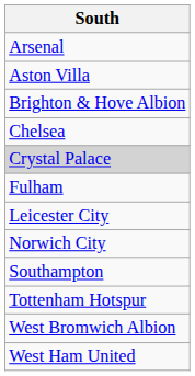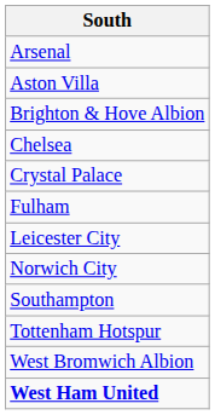 <table class="wikitable">
 <tr>
 <th>South</th>
 </tr>
 <tr>
 <td><a href='#'>Arsenal</a></td>
 </tr>
 <tr>
 <td><a href='#'>Aston Villa</a></td>
 </tr>
 <tr>
 <td><a href='#'>Brighton & Hove Albion</a></td>
 </tr>
 <tr>
 <td><a href='#'>Chelsea</a></td>
 </tr>
 <tr>
-<td style="background: lightgrey;"><a href='#'>Crystal Palace</a></td>
+<td><a href='#'>Crystal Palace</a></td>
 </tr>
 <tr>
 <td><a href='#'>Fulham</a></td>
 </tr>
 <tr>
 <td><a href='#'>Leicester City</a></td>
 </tr>
 <tr>
 <td><a href='#'>Norwich City</a></td>
 </tr>
 <tr>
 <td><a href='#'>Southampton</a></td>
 </tr>
 <tr>
 <td><a href='#'>Tottenham Hotspur</a></td>
 </tr>
 <tr>
 <td><a href='#'>West Bromwich Albion</a></td>
 </tr>
 <tr>
-<td><a href='#'>West Ham United</a></td>
+<td><strong><a href='#'>West Ham United</a></strong></td>
 </tr>
 </table>
